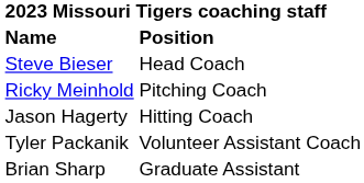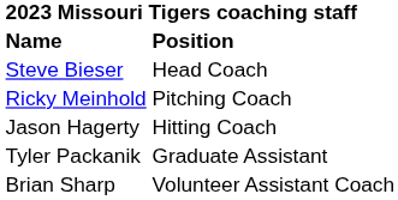 <table class="toccolours" style="text-align: left; font-size:90%;">
 <tr>
 <th colspan="10">2023 Missouri Tigers coaching staff</th>
 </tr>
 <tr>
 <th>Name</th>
 <th>Position</th>
 </tr>
 <tr>
 <td><a href='#'>Steve Bieser</a></td>
 <td>Head Coach</td>
 </tr>
 <tr>
 <td><a href='#'>Ricky Meinhold</a></td>
 <td>Pitching Coach</td>
 </tr>
 <tr>
 <td>Jason Hagerty</td>
 <td>Hitting Coach</td>
 </tr>
 <tr>
 <td>Tyler Packanik</td>
-<td>Volunteer Assistant Coach</td>
+<td>Graduate Assistant</td>
 </tr>
 <tr>
 <td>Brian Sharp</td>
-<td>Graduate Assistant</td>
+<td>Volunteer Assistant Coach</td>
 </tr>
 </table>
